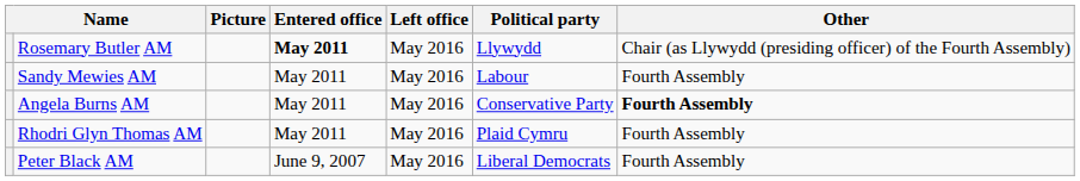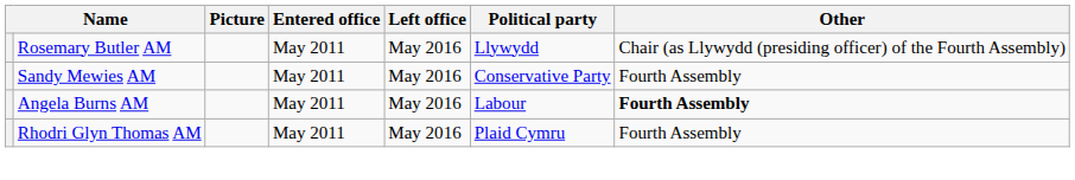 <table class="wikitable">
 <tr>
 <th colspan=2>Name</th>
 <th>Picture</th>
 <th>Entered office</th>
 <th>Left office</th>
 <th>Political party</th>
 <th>Other</th>
 </tr>
 <tr>
 <th style="background-color:"></th>
 <td><a href='#'>Rosemary Butler</a> <a href='#'>AM</a></td>
 <td></td>
-<td><strong>May 2011</strong></td>
+<td>May 2011</td>
 <td>May 2016</td>
 <td><a href='#'>Llywydd</a></td>
 <td>Chair (as Llywydd (presiding officer) of the Fourth Assembly)</td>
 </tr>
 <tr>
 <th style="background-color:"></th>
 <td><a href='#'>Sandy Mewies</a> <a href='#'>AM</a></td>
 <td></td>
 <td>May 2011</td>
 <td>May 2016</td>
-<td><a href='#'>Labour</a></td>
+<td><a href='#'>Conservative Party</a></td>
 <td>Fourth Assembly</td>
 </tr>
 <tr>
 <th style="background-color:"></th>
 <td><a href='#'>Angela Burns</a> <a href='#'>AM</a></td>
 <td></td>
 <td>May 2011</td>
 <td>May 2016</td>
-<td><a href='#'>Conservative Party</a></td>
+<td><a href='#'>Labour</a></td>
 <td><strong>Fourth Assembly</strong></td>
 </tr>
 <tr>
 <th style="background-color:"></th>
 <td><a href='#'>Rhodri Glyn Thomas</a> <a href='#'>AM</a></td>
 <td></td>
 <td>May 2011</td>
 <td>May 2016</td>
 <td><a href='#'>Plaid Cymru</a></td>
 <td>Fourth Assembly</td>
 </tr>
-<tr>
-<th style="background-color:"></th>
-<td><a href='#'>Peter Black</a> <a href='#'>AM</a></td>
-<td></td>
-<td>June 9, 2007</td>
-<td>May 2016</td>
-<td><a href='#'>Liberal Democrats</a></td>
-<td>Fourth Assembly</td>
-</tr>
 </table>
